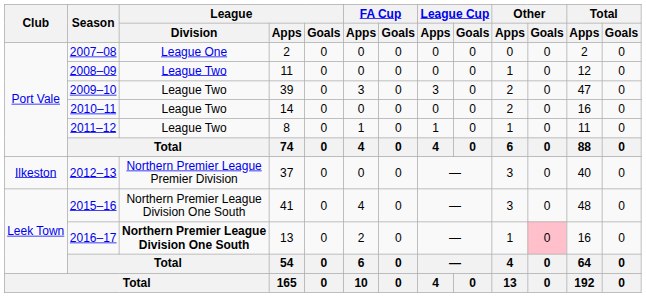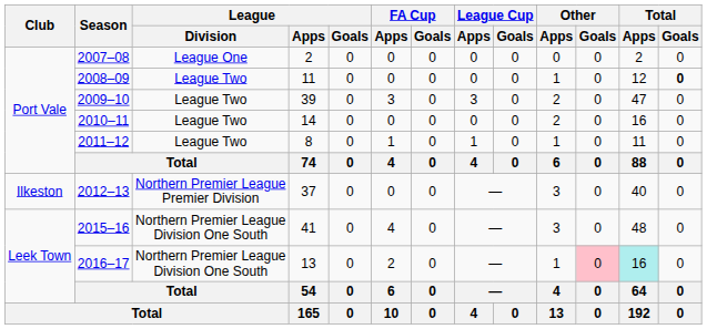 <table class="wikitable" style="text-align:center">
 <tr>
 <th rowspan="2">Club</th>
 <th rowspan="2">Season</th>
 <th colspan="3">League</th>
 <th colspan="2"><a href='#'>FA Cup</a></th>
 <th colspan="2"><a href='#'>League Cup</a></th>
 <th colspan="2">Other</th>
 <th colspan="2">Total</th>
 </tr>
 <tr>
 <th>Division</th>
 <th>Apps</th>
 <th>Goals</th>
 <th>Apps</th>
 <th>Goals</th>
 <th>Apps</th>
 <th>Goals</th>
 <th>Apps</th>
 <th>Goals</th>
 <th>Apps</th>
 <th>Goals</th>
 </tr>
 <tr>
 <td rowspan="6"><a href='#'>Port Vale</a></td>
 <td><a href='#'>2007–08</a></td>
 <td><a href='#'>League One</a></td>
 <td>2</td>
 <td>0</td>
 <td>0</td>
 <td>0</td>
 <td>0</td>
 <td>0</td>
 <td>0</td>
 <td>0</td>
 <td>2</td>
 <td>0</td>
 </tr>
 <tr>
 <td><a href='#'>2008–09</a></td>
 <td><a href='#'>League Two</a></td>
 <td>11</td>
 <td>0</td>
 <td>0</td>
 <td>0</td>
 <td>0</td>
 <td>0</td>
 <td>1</td>
 <td>0</td>
 <td>12</td>
-<td>0</td>
+<td><strong>0</strong></td>
 </tr>
 <tr>
 <td><a href='#'>2009–10</a></td>
 <td>League Two</td>
 <td>39</td>
 <td>0</td>
 <td>3</td>
 <td>0</td>
 <td>3</td>
 <td>0</td>
 <td>2</td>
 <td>0</td>
 <td>47</td>
 <td>0</td>
 </tr>
 <tr>
 <td><a href='#'>2010–11</a></td>
 <td>League Two</td>
 <td>14</td>
 <td>0</td>
 <td>0</td>
 <td>0</td>
 <td>0</td>
 <td>0</td>
 <td>2</td>
 <td>0</td>
 <td>16</td>
 <td>0</td>
 </tr>
 <tr>
 <td><a href='#'>2011–12</a></td>
 <td>League Two</td>
 <td>8</td>
 <td>0</td>
 <td>1</td>
 <td>0</td>
 <td>1</td>
 <td>0</td>
 <td>1</td>
 <td>0</td>
 <td>11</td>
 <td>0</td>
 </tr>
 <tr>
 <th colspan="2">Total</th>
 <th>74</th>
 <th>0</th>
 <th>4</th>
 <th>0</th>
 <th>4</th>
 <th>0</th>
 <th>6</th>
 <th>0</th>
 <th>88</th>
 <th>0</th>
 </tr>
 <tr>
 <td><a href='#'>Ilkeston</a></td>
 <td><a href='#'>2012–13</a></td>
 <td><a href='#'>Northern Premier League</a><br>Premier Division</td>
 <td>37</td>
 <td>0</td>
 <td>0</td>
 <td>0</td>
 <td colspan="2">—</td>
 <td>3</td>
 <td>0</td>
 <td>40</td>
 <td>0</td>
 </tr>
 <tr>
 <td rowspan="3"><a href='#'>Leek Town</a></td>
 <td><a href='#'>2015–16</a></td>
 <td>Northern Premier League<br>Division One South</td>
 <td>41</td>
 <td>0</td>
 <td>4</td>
 <td>0</td>
 <td colspan="2">—</td>
 <td>3</td>
 <td>0</td>
 <td>48</td>
 <td>0</td>
 </tr>
 <tr>
 <td><a href='#'>2016–17</a></td>
-<td><strong>Northern Premier League<br>Division One South</strong></td>
+<td>Northern Premier League<br>Division One South</td>
 <td>13</td>
 <td>0</td>
 <td>2</td>
 <td>0</td>
 <td colspan="2">—</td>
 <td>1</td>
 <td style="background: pink;">0</td>
-<td>16</td>
+<td style="background: paleturquoise;">16</td>
 <td>0</td>
 </tr>
 <tr>
 <th colspan="2">Total</th>
 <th>54</th>
 <th>0</th>
 <th>6</th>
 <th>0</th>
 <th colspan="2">—</th>
 <th>4</th>
 <th>0</th>
 <th>64</th>
 <th>0</th>
 </tr>
 <tr>
 <th colspan="3">Total</th>
 <th>165</th>
 <th>0</th>
 <th>10</th>
 <th>0</th>
 <th>4</th>
 <th>0</th>
 <th>13</th>
 <th>0</th>
 <th>192</th>
 <th>0</th>
 </tr>
 </table>
